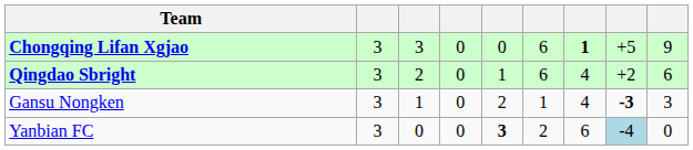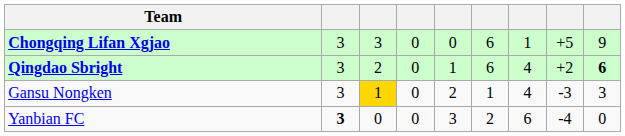 <table class="wikitable" style="text-align:center;">
 <tr>
 <th width=310>Team</th>
 <th width=30></th>
 <th width=30></th>
 <th width=30></th>
 <th width=30></th>
 <th width=30></th>
 <th width=30></th>
 <th width=30></th>
 <th width=30></th>
 </tr>
 <tr bgcolor="#ccffcc">
 <td align="left"><strong><a href='#'>Chongqing Lifan Xgjao</a></strong></td>
 <td>3</td>
 <td>3</td>
 <td>0</td>
 <td>0</td>
 <td>6</td>
-<td><strong>1</strong></td>
+<td>1</td>
 <td>+5</td>
 <td>9</td>
 </tr>
 <tr bgcolor="#ccffcc">
 <td align="left"><strong><a href='#'>Qingdao Sbright</a></strong></td>
 <td>3</td>
 <td>2</td>
 <td>0</td>
 <td>1</td>
 <td>6</td>
 <td>4</td>
 <td>+2</td>
-<td>6</td>
+<td><strong>6</strong></td>
 </tr>
 <tr>
 <td align="left"><a href='#'>Gansu Nongken</a></td>
 <td>3</td>
-<td>1</td>
+<td style="background: gold;">1</td>
 <td>0</td>
 <td>2</td>
 <td>1</td>
 <td>4</td>
-<td><strong>-3</strong></td>
+<td>-3</td>
 <td>3</td>
 </tr>
 <tr>
 <td align="left"><a href='#'>Yanbian FC</a></td>
-<td>3</td>
+<td><strong>3</strong></td>
 <td>0</td>
 <td>0</td>
-<td><strong>3</strong></td>
+<td>3</td>
 <td>2</td>
 <td>6</td>
-<td style="background: lightblue;">-4</td>
+<td>-4</td>
 <td>0</td>
 </tr>
 </table>
